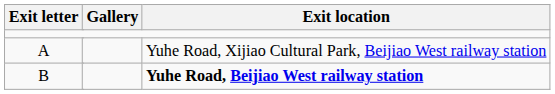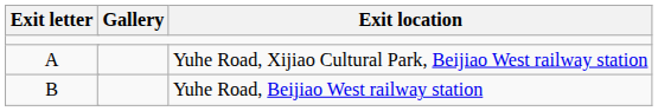 <table class="wikitable">
 <tr>
 <th colspan=2 style="width:70px">Exit letter</th>
 <th>Gallery</th>
 <th>Exit location</th>
 </tr>
 <tr style="background:#">
 <td colspan="4"></td>
 </tr>
 <tr>
 <td colspan=2 align=center>A</td>
 <td></td>
 <td>Yuhe Road, Xijiao Cultural Park, <a href='#'>Beijiao West railway station</a></td>
 </tr>
 <tr>
 <td colspan=2 align=center>B</td>
 <td></td>
-<td><strong>Yuhe Road, <a href='#'>Beijiao West railway station</a></strong></td>
+<td>Yuhe Road, <a href='#'>Beijiao West railway station</a></td>
 </tr>
 </table>
